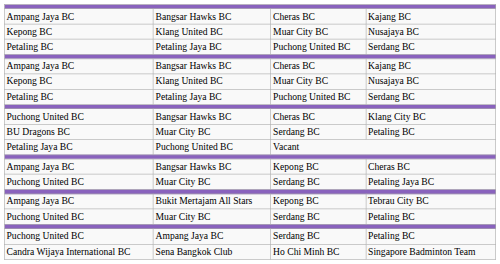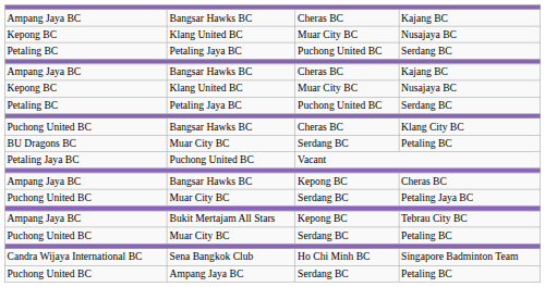 <table class="wikitable" width=820>
 <tr>
 <th colspan="4" style="background:#8962bd;"></th>
 </tr>
 <tr>
 <td> Ampang Jaya BC</td>
 <td> Bangsar Hawks BC</td>
 <td> Cheras BC</td>
 <td> Kajang BC</td>
 </tr>
 <tr>
 <td> Kepong BC</td>
 <td> Klang United BC</td>
 <td> Muar City BC</td>
 <td> Nusajaya BC</td>
 </tr>
 <tr>
 <td> Petaling BC</td>
 <td> Petaling Jaya BC</td>
 <td> Puchong United BC</td>
 <td> Serdang BC</td>
 </tr>
 <tr>
 <th colspan="4" style="background:#8962bd;"></th>
 </tr>
 <tr>
 <td> Ampang Jaya BC</td>
 <td> Bangsar Hawks BC</td>
 <td> Cheras BC</td>
 <td> Kajang BC</td>
 </tr>
 <tr>
 <td> Kepong BC</td>
 <td> Klang United BC</td>
 <td> Muar City BC</td>
 <td> Nusajaya BC</td>
 </tr>
 <tr>
 <td> Petaling BC</td>
 <td> Petaling Jaya BC</td>
 <td> Puchong United BC</td>
 <td> Serdang BC</td>
 </tr>
 <tr>
 <th colspan="4" style="background:#8962bd;"></th>
 </tr>
 <tr>
 <td> Puchong United BC</td>
 <td> Bangsar Hawks BC</td>
 <td> Cheras BC</td>
 <td> Klang City BC</td>
 </tr>
 <tr>
 <td> BU Dragons BC</td>
 <td> Muar City BC</td>
 <td> Serdang BC</td>
 <td> Petaling BC</td>
 </tr>
 <tr>
 <td> Petaling Jaya BC</td>
 <td> Puchong United BC</td>
 <td colspan="2">Vacant</td>
 </tr>
 <tr>
 <th colspan="4" style="background:#8962bd;"></th>
 </tr>
 <tr>
 <td> Ampang Jaya BC</td>
 <td> Bangsar Hawks BC</td>
 <td> Kepong BC</td>
 <td> Cheras BC</td>
 </tr>
 <tr>
 <td> Puchong United BC</td>
 <td> Muar City BC</td>
 <td> Serdang BC</td>
 <td> Petaling Jaya BC</td>
 </tr>
 <tr>
 <th colspan="4" style="background:#8962bd;"></th>
 </tr>
 <tr>
 <td> Ampang Jaya BC</td>
 <td> Bukit Mertajam All Stars</td>
 <td> Kepong BC</td>
 <td> Tebrau City BC</td>
 </tr>
 <tr>
 <td> Puchong United BC</td>
 <td> Muar City BC</td>
 <td> Serdang BC</td>
 <td> Petaling BC</td>
 </tr>
 <tr>
 <th colspan="4" style="background:#8962bd;"></th>
 </tr>
 <tr>
+<td> Candra Wijaya International BC</td>
+<td> Sena Bangkok Club</td>
+<td> Ho Chi Minh BC</td>
+<td> Singapore Badminton Team</td>
+</tr>
+<tr>
 <td> Puchong United BC</td>
 <td> Ampang Jaya BC</td>
 <td> Serdang BC</td>
 <td> Petaling BC</td>
 </tr>
-<tr>
-<td> Candra Wijaya International BC</td>
-<td> Sena Bangkok Club</td>
-<td> Ho Chi Minh BC</td>
-<td> Singapore Badminton Team</td>
-</tr>
 </table>
